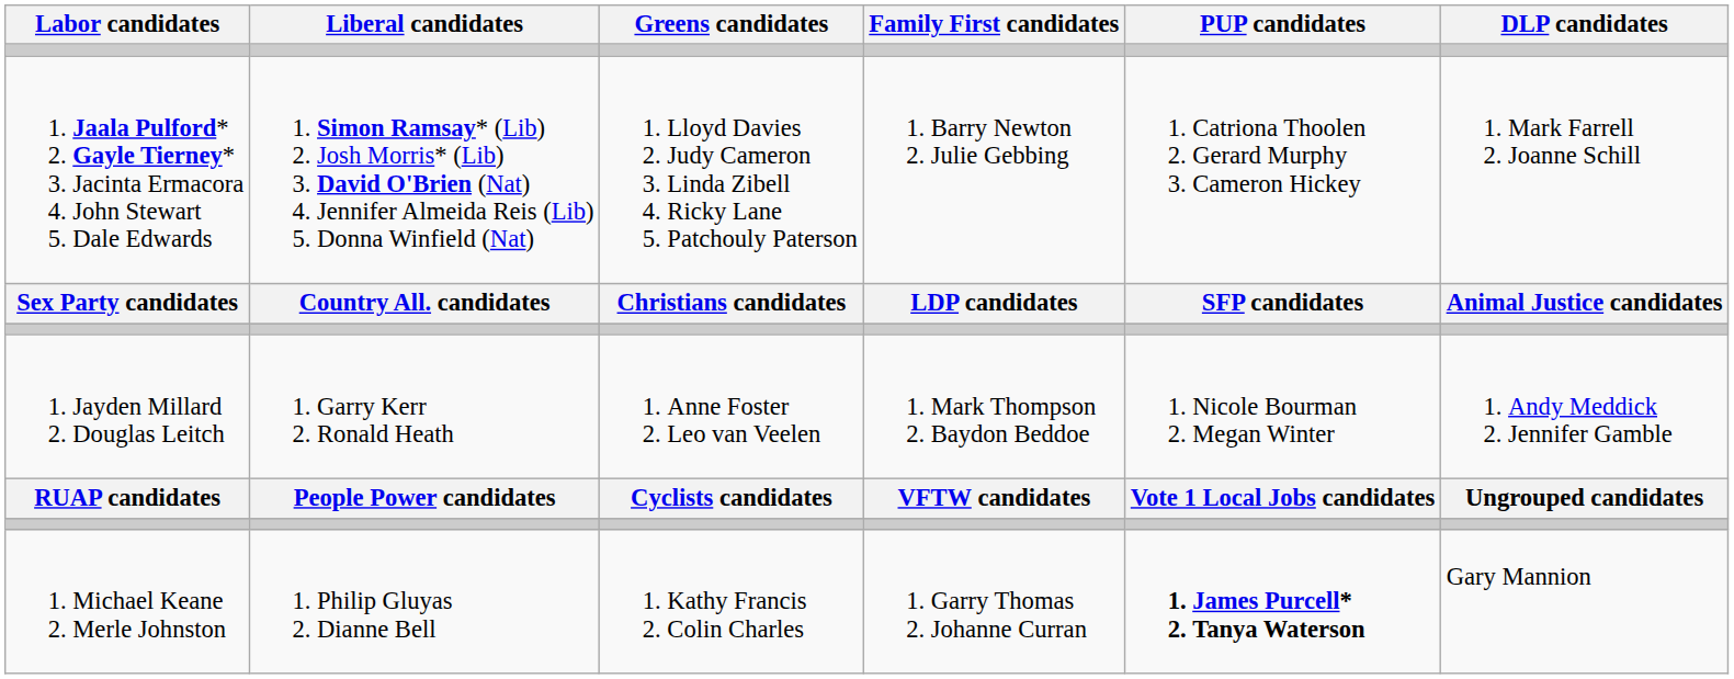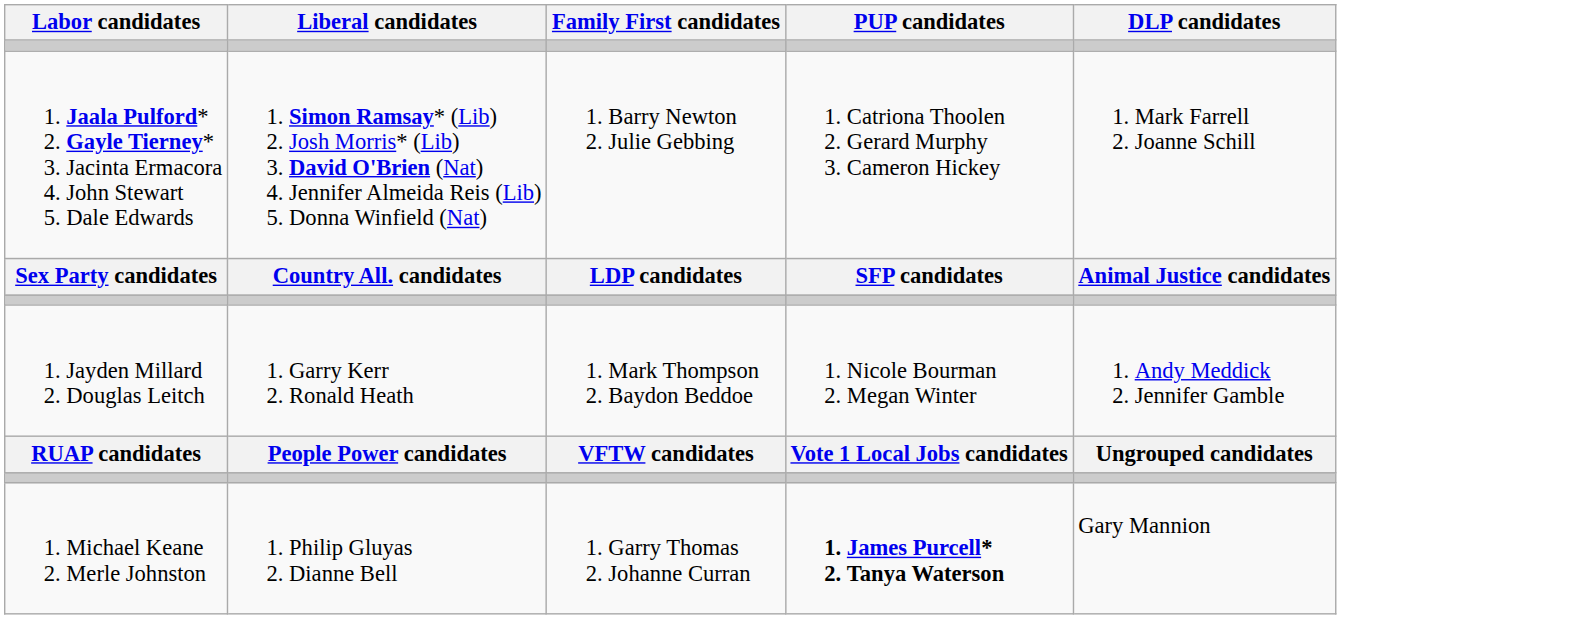 <table class="wikitable">
 <tr>
 <th><a href='#'>Labor</a> candidates</th>
 <th><a href='#'>Liberal</a> candidates</th>
-<th><a href='#'>Greens</a> candidates</th>
 <th><a href='#'>Family First</a> candidates</th>
 <th><a href='#'>PUP</a> candidates</th>
 <th><a href='#'>DLP</a> candidates</th>
 </tr>
 <tr bgcolor="#cccccc">
 <td></td>
 <td></td>
 <td></td>
 <td></td>
 <td></td>
-<td></td>
 </tr>
 <tr>
 <td><br><ol><li><strong><a href='#'>Jaala Pulford</a></strong>*</li><li><strong><a href='#'>Gayle Tierney</a></strong>*</li><li>Jacinta Ermacora</li><li>John Stewart</li><li>Dale Edwards</li></ol></td>
 <td><br><ol><li><strong><a href='#'>Simon Ramsay</a></strong>* (<a href='#'>Lib</a>)</li><li><a href='#'>Josh Morris</a>* (<a href='#'>Lib</a>)</li><li><strong><a href='#'>David O'Brien</a></strong> (<a href='#'>Nat</a>)</li><li>Jennifer Almeida Reis (<a href='#'>Lib</a>)</li><li>Donna Winfield (<a href='#'>Nat</a>)</li></ol></td>
-<td valign=top><br><ol><li>Lloyd Davies</li><li>Judy Cameron</li><li>Linda Zibell</li><li>Ricky Lane</li><li>Patchouly Paterson</li></ol></td>
 <td valign=top><br><ol><li>Barry Newton</li><li>Julie Gebbing</li></ol></td>
 <td valign=top><br><ol><li>Catriona Thoolen</li><li>Gerard Murphy</li><li>Cameron Hickey</li></ol></td>
 <td valign=top><br><ol><li>Mark Farrell</li><li>Joanne Schill</li></ol></td>
 </tr>
 <tr bgcolor="#cccccc">
 <th><a href='#'>Sex Party</a> candidates</th>
 <th><a href='#'>Country All.</a> candidates</th>
-<th><a href='#'>Christians</a> candidates</th>
 <th><a href='#'>LDP</a> candidates</th>
 <th><a href='#'>SFP</a> candidates</th>
 <th><a href='#'>Animal Justice</a> candidates</th>
 </tr>
 <tr bgcolor="#cccccc">
 <td></td>
 <td></td>
 <td></td>
 <td></td>
 <td></td>
-<td></td>
 </tr>
 <tr>
 <td valign=top><br><ol><li>Jayden Millard</li><li>Douglas Leitch</li></ol></td>
 <td valign=top><br><ol><li>Garry Kerr</li><li>Ronald Heath</li></ol></td>
-<td valign=top><br><ol><li>Anne Foster</li><li>Leo van Veelen</li></ol></td>
 <td valign=top><br><ol><li>Mark Thompson</li><li>Baydon Beddoe</li></ol></td>
 <td valign=top><br><ol><li>Nicole Bourman</li><li>Megan Winter</li></ol></td>
 <td valign=top><br><ol><li><a href='#'>Andy Meddick</a></li><li>Jennifer Gamble</li></ol></td>
 </tr>
 <tr bgcolor="#cccccc">
 <th><a href='#'>RUAP</a> candidates</th>
 <th><a href='#'>People Power</a> candidates</th>
-<th><a href='#'>Cyclists</a> candidates</th>
 <th><a href='#'>VFTW</a> candidates</th>
 <th><a href='#'>Vote 1 Local Jobs</a> candidates</th>
 <th>Ungrouped candidates</th>
 </tr>
 <tr bgcolor="#cccccc">
 <td></td>
 <td></td>
 <td></td>
 <td></td>
 <td></td>
-<td></td>
 </tr>
 <tr>
 <td valign=top><br><ol><li>Michael Keane</li><li>Merle Johnston</li></ol></td>
 <td valign=top><br><ol><li>Philip Gluyas</li><li>Dianne Bell</li></ol></td>
-<td valign=top><br><ol><li>Kathy Francis</li><li>Colin Charles</li></ol></td>
 <td valign=top><br><ol><li>Garry Thomas</li><li>Johanne Curran</li></ol></td>
 <td><strong><br><ol><li><a href='#'>James Purcell</a>*</li><li>Tanya Waterson</li></ol></strong></td>
 <td valign=top><br>Gary Mannion</td>
 </tr>
 </table>
